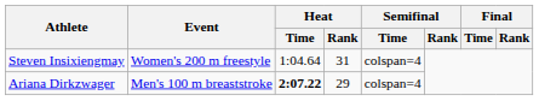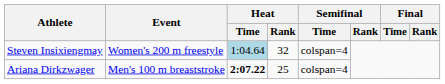 <table class=wikitable style="font-size:90%">
 <tr>
 <th rowspan="2">Athlete</th>
 <th rowspan="2">Event</th>
 <th colspan="2">Heat</th>
 <th colspan="2">Semifinal</th>
 <th colspan="2">Final</th>
 </tr>
 <tr style="font-size:95%">
 <th>Time</th>
 <th>Rank</th>
 <th>Time</th>
 <th>Rank</th>
 <th>Time</th>
 <th>Rank</th>
 </tr>
 <tr align=center>
 <td align=left><a href='#'>Steven Insixiengmay</a></td>
 <td align=left><a href='#'>Women's 200 m freestyle</a></td>
-<td>1:04.64</td>
-<td>31</td>
+<td style="background: lightblue;">1:04.64</td>
+<td>32</td>
 <td>colspan=4 </td>
 </tr>
 <tr align=center>
 <td align=left><a href='#'>Ariana Dirkzwager</a></td>
 <td align=left><a href='#'>Men's 100 m breaststroke</a></td>
 <td><strong>2:07.22</strong></td>
-<td>29</td>
+<td>25</td>
 <td>colspan=4 </td>
 </tr>
 </table>
